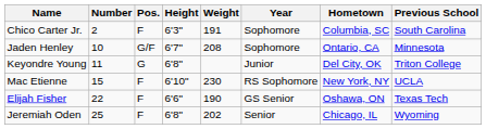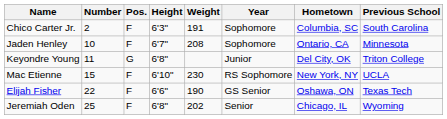 <table class="wikitable sortable" border="1">
 <tr>
 <th>Name</th>
 <th>Number</th>
 <th>Pos.</th>
 <th>Height</th>
 <th>Weight</th>
 <th>Year</th>
 <th>Hometown</th>
 <th>Previous School</th>
 </tr>
 <tr>
 <td>Chico Carter Jr.</td>
 <td>2</td>
 <td>F</td>
 <td>6'3"</td>
 <td>191</td>
 <td>Sophomore</td>
 <td><a href='#'>Columbia, SC</a></td>
 <td><a href='#'>South Carolina</a></td>
 </tr>
 <tr>
 <td>Jaden Henley</td>
 <td>10</td>
-<td>G/F</td>
+<td>F</td>
 <td>6'7"</td>
 <td>208</td>
 <td>Sophomore</td>
 <td><a href='#'>Ontario, CA</a></td>
 <td><a href='#'>Minnesota</a></td>
 </tr>
 <tr>
 <td>Keyondre Young</td>
 <td>11</td>
 <td>G</td>
 <td>6'8"</td>
 <td></td>
 <td>Junior</td>
 <td><a href='#'>Del City, OK</a></td>
 <td><a href='#'>Triton College</a></td>
 </tr>
 <tr>
 <td>Mac Etienne</td>
 <td>15</td>
 <td>F</td>
 <td>6'10"</td>
 <td>230</td>
 <td>RS Sophomore</td>
 <td><a href='#'>New York, NY</a></td>
 <td><a href='#'>UCLA</a></td>
 </tr>
 <tr>
 <td><a href='#'>Elijah Fisher</a></td>
 <td>22</td>
 <td>F</td>
 <td>6'6"</td>
 <td>190</td>
 <td>GS Senior</td>
 <td><a href='#'>Oshawa, ON</a></td>
 <td><a href='#'>Texas Tech</a></td>
 </tr>
 <tr>
 <td>Jeremiah Oden</td>
 <td>25</td>
 <td>F</td>
 <td>6'8"</td>
 <td>202</td>
 <td>Senior</td>
 <td><a href='#'>Chicago, IL</a></td>
 <td><a href='#'>Wyoming</a></td>
 </tr>
 </table>
